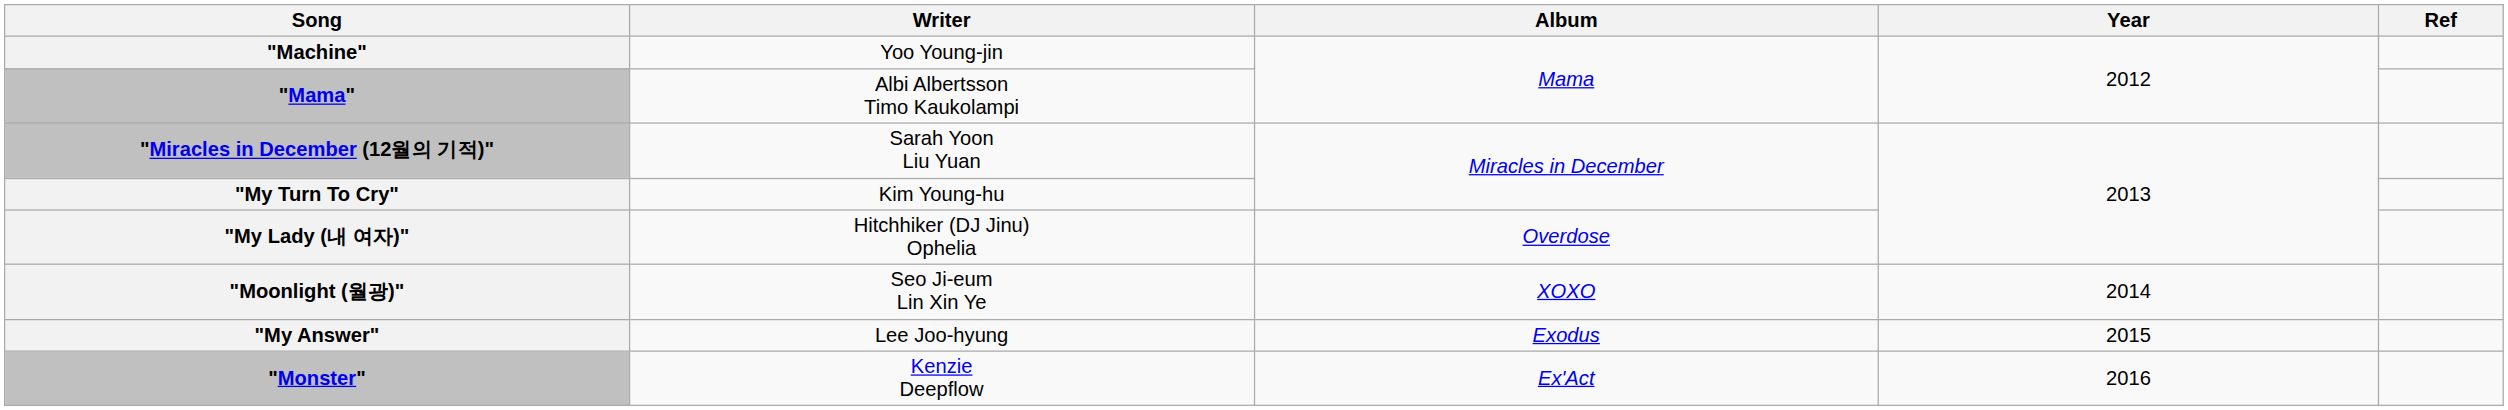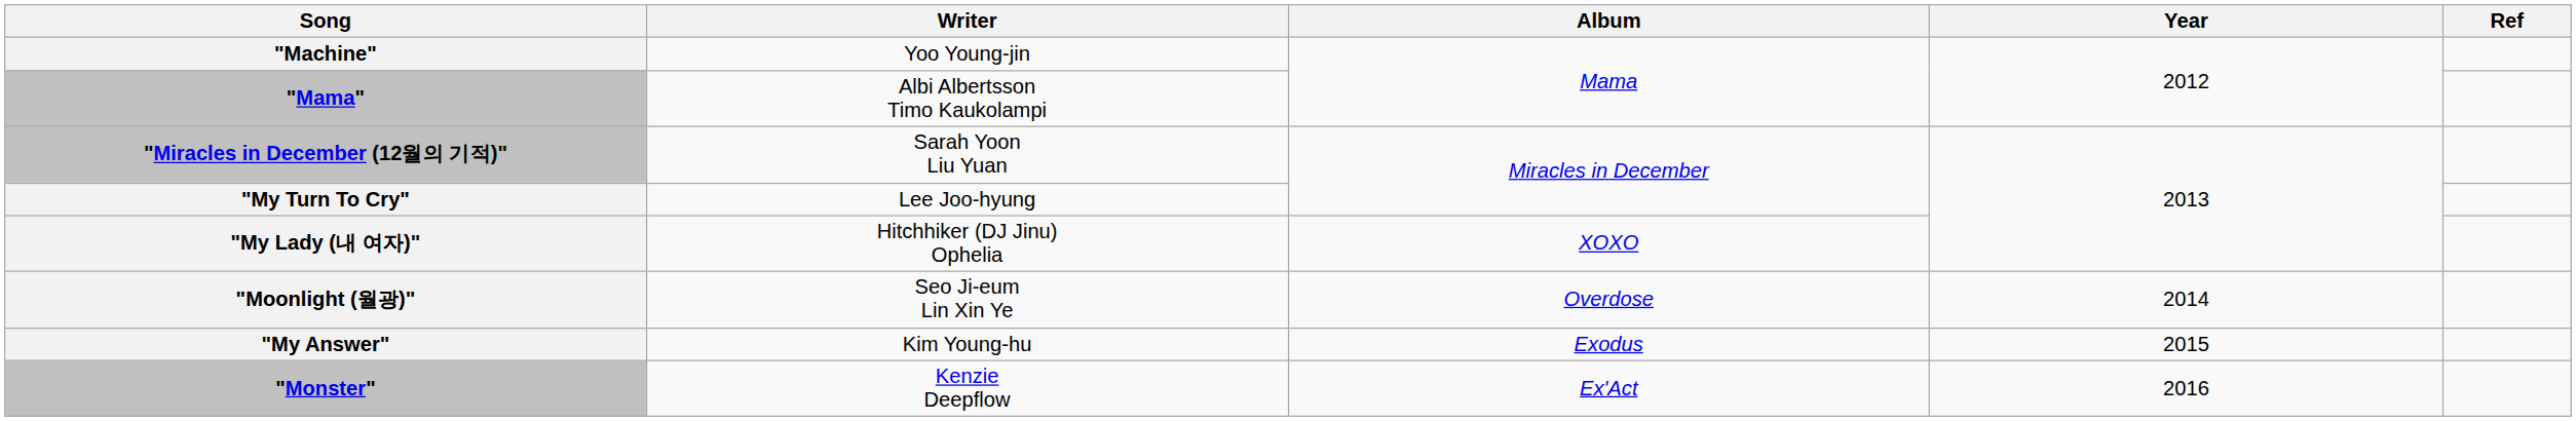 <table class="wikitable" style="text-align:center; width:100%">
 <tr>
 <th style="width:25%">Song</th>
 <th style="width:25%">Writer</th>
 <th style="width:25%">Album</th>
 <th style="width:20%">Year</th>
 <th style="width:5%">Ref</th>
 </tr>
 <tr>
 <th scope="row">"Machine"</th>
 <td>Yoo Young-jin</td>
 <td rowspan="2"><em><a href='#'>Mama</a></em></td>
 <td rowspan="2">2012</td>
 <td></td>
 </tr>
 <tr>
 <th scope=row style="background-color:#C0C0C0">"<a href='#'>Mama</a>" </th>
 <td>Albi Albertsson<br>Timo Kaukolampi</td>
 <td></td>
 </tr>
 <tr>
 <th scope=row style="background-color:#C0C0C0">"<a href='#'>Miracles in December</a> (12월의 기적)" </th>
 <td>Sarah Yoon<br>Liu Yuan</td>
 <td rowspan="2"><em><a href='#'>Miracles in December</a></em></td>
 <td rowspan="3">2013</td>
 <td></td>
 </tr>
 <tr>
 <th scope="row">"My Turn To Cry"</th>
-<td>Kim Young-hu</td>
+<td>Lee Joo-hyung</td>
 <td></td>
 </tr>
 <tr>
 <th scope="row">"My Lady (내 여자)"</th>
 <td>Hitchhiker (DJ Jinu)<br>Ophelia</td>
-<td><em><a href='#'>Overdose</a></em></td>
+<td><em><a href='#'>XOXO</a></em></td>
 <td></td>
 </tr>
 <tr>
 <th scope="row">"Moonlight (월광)"</th>
 <td>Seo Ji-eum<br>Lin Xin Ye</td>
-<td><em><a href='#'>XOXO</a></em></td>
+<td><em><a href='#'>Overdose</a></em></td>
 <td>2014</td>
 <td></td>
 </tr>
 <tr>
 <th scope="row">"My Answer"</th>
-<td>Lee Joo-hyung</td>
+<td>Kim Young-hu</td>
 <td><em><a href='#'>Exodus</a></em></td>
 <td>2015</td>
 <td></td>
 </tr>
 <tr>
 <th scope=row style="background-color:#C0C0C0">"<a href='#'>Monster</a>" </th>
 <td><a href='#'>Kenzie</a><br>Deepflow</td>
 <td><em><a href='#'>Ex'Act</a></em></td>
 <td>2016</td>
 <td></td>
 </tr>
 </table>
